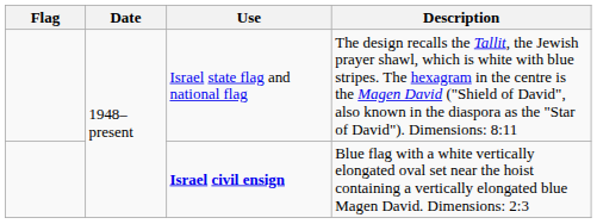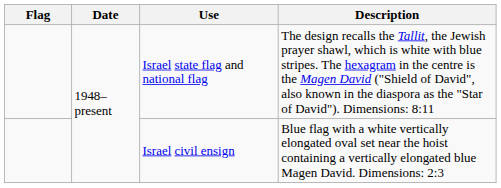 <table class="wikitable" style="background:#f9f9f9">
 <tr>
 <th width="110">Flag</th>
 <th width="100">Date</th>
 <th width="250">Use</th>
 <th width="400">Description</th>
 </tr>
 <tr>
 <td></td>
 <td rowspan="2">1948–present</td>
 <td><a href='#'>Israel</a> <a href='#'>state flag</a> and <a href='#'>national flag</a></td>
 <td>The design recalls the <em><a href='#'>Tallit</a></em>, the Jewish prayer shawl, which is white with blue stripes. The <a href='#'>hexagram</a> in the centre is the <em><a href='#'>Magen David</a></em> ("Shield of David", also known in the diaspora as the "Star of David"). Dimensions: 8:11</td>
 </tr>
 <tr>
 <td></td>
-<td><strong><a href='#'>Israel</a> <a href='#'>civil ensign</a></strong></td>
+<td><a href='#'>Israel</a> <a href='#'>civil ensign</a></td>
 <td>Blue flag with a white vertically elongated oval set near the hoist containing a vertically elongated blue Magen David. Dimensions: 2:3</td>
 </tr>
 </table>
